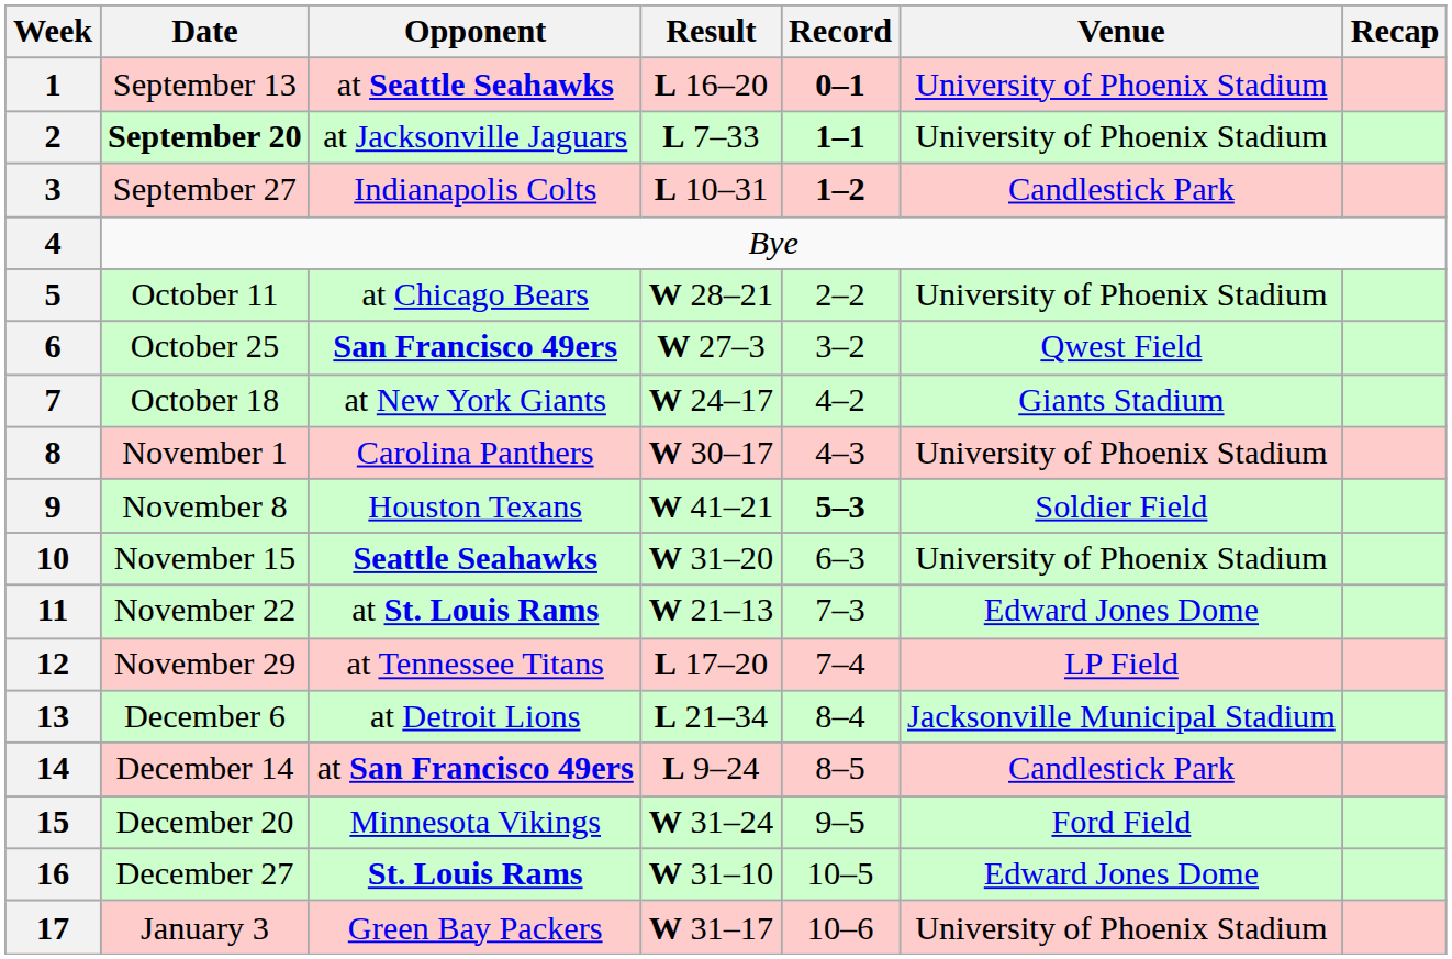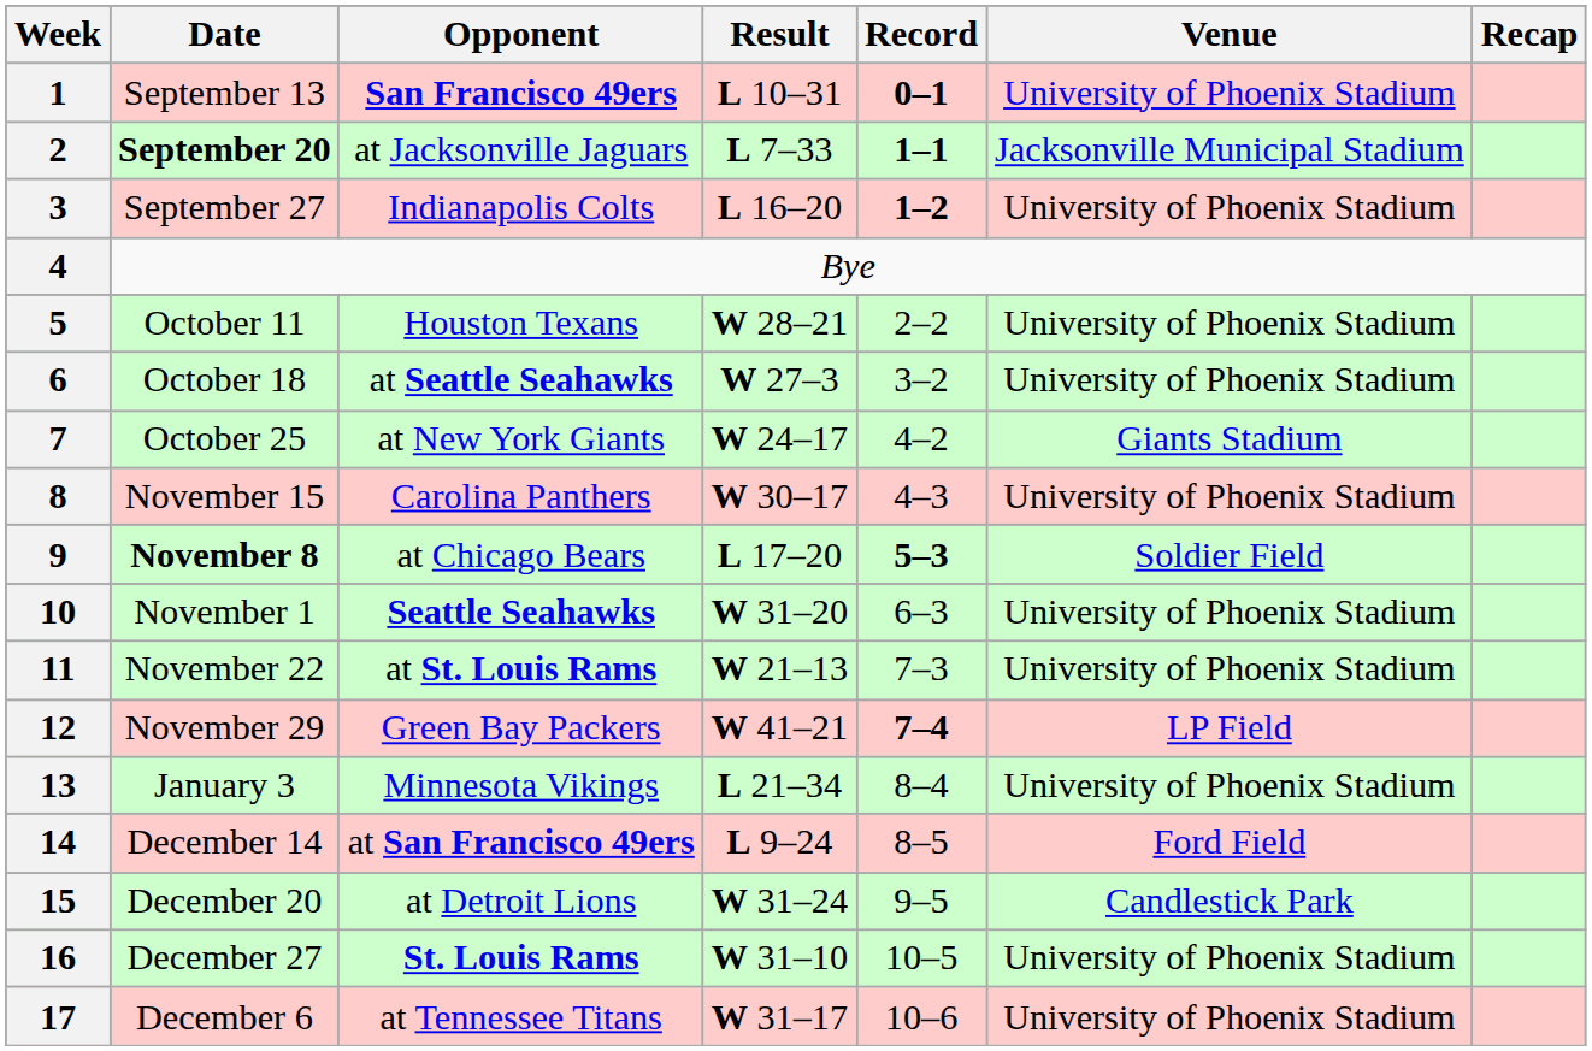 <table class="wikitable" style="text-align:center">
 <tr>
 <th>Week</th>
 <th>Date</th>
 <th>Opponent</th>
 <th>Result</th>
 <th>Record</th>
 <th>Venue</th>
 <th>Recap</th>
 </tr>
 <tr bgcolor="#fcc">
 <th>1</th>
 <td>September 13</td>
-<td>at <strong><a href='#'>Seattle Seahawks</a></strong></td>
-<td><strong>L</strong> 16–20</td>
+<td><strong><a href='#'>San Francisco 49ers</a></strong></td>
+<td><strong>L</strong> 10–31</td>
 <td><strong>0–1</strong></td>
 <td><a href='#'>University of Phoenix Stadium</a></td>
 <td></td>
 </tr>
 <tr bgcolor="#cfc">
 <th>2</th>
 <td><strong>September 20</strong></td>
 <td>at <a href='#'>Jacksonville Jaguars</a></td>
 <td><strong>L</strong> 7–33</td>
 <td><strong>1–1</strong></td>
-<td>University of Phoenix Stadium</td>
+<td><a href='#'>Jacksonville Municipal Stadium</a></td>
 <td></td>
 </tr>
 <tr bgcolor="#fcc">
 <th>3</th>
 <td>September 27</td>
 <td><a href='#'>Indianapolis Colts</a></td>
-<td><strong>L</strong> 10–31</td>
+<td><strong>L</strong> 16–20</td>
 <td><strong>1–2</strong></td>
-<td><a href='#'>Candlestick Park</a></td>
+<td>University of Phoenix Stadium</td>
 <td></td>
 </tr>
 <tr>
 <th>4</th>
 <td colspan="6" style="text-align:center;"><em>Bye</em></td>
 </tr>
 <tr bgcolor="#cfc">
 <th>5</th>
 <td>October 11</td>
-<td>at <a href='#'>Chicago Bears</a></td>
+<td><a href='#'>Houston Texans</a></td>
 <td><strong>W</strong> 28–21</td>
 <td>2–2</td>
 <td>University of Phoenix Stadium</td>
 <td></td>
 </tr>
 <tr bgcolor="#cfc">
 <th>6</th>
-<td>October 25</td>
-<td><strong><a href='#'>San Francisco 49ers</a></strong></td>
+<td>October 18</td>
+<td>at <strong><a href='#'>Seattle Seahawks</a></strong></td>
 <td><strong>W</strong> 27–3</td>
 <td>3–2</td>
-<td><a href='#'>Qwest Field</a></td>
+<td>University of Phoenix Stadium</td>
 <td></td>
 </tr>
 <tr bgcolor="#cfc">
 <th>7</th>
-<td>October 18</td>
+<td>October 25</td>
 <td>at <a href='#'>New York Giants</a></td>
 <td><strong>W</strong> 24–17</td>
 <td>4–2</td>
 <td><a href='#'>Giants Stadium</a></td>
 <td></td>
 </tr>
 <tr bgcolor="#fcc">
 <th>8</th>
-<td>November 1</td>
+<td>November 15</td>
 <td><a href='#'>Carolina Panthers</a></td>
 <td><strong>W</strong> 30–17</td>
 <td>4–3</td>
 <td>University of Phoenix Stadium</td>
 <td></td>
 </tr>
 <tr bgcolor="#cfc">
 <th>9</th>
-<td>November 8</td>
-<td><a href='#'>Houston Texans</a></td>
-<td><strong>W</strong> 41–21</td>
+<td><strong>November 8</strong></td>
+<td>at <a href='#'>Chicago Bears</a></td>
+<td><strong>L</strong> 17–20</td>
 <td><strong>5–3</strong></td>
 <td><a href='#'>Soldier Field</a></td>
 <td></td>
 </tr>
 <tr bgcolor="#cfc">
 <th>10</th>
-<td>November 15</td>
+<td>November 1</td>
 <td><strong><a href='#'>Seattle Seahawks</a></strong></td>
 <td><strong>W</strong> 31–20</td>
 <td>6–3</td>
 <td>University of Phoenix Stadium</td>
 <td></td>
 </tr>
 <tr bgcolor="#cfc">
 <th>11</th>
 <td>November 22</td>
 <td>at <strong><a href='#'>St. Louis Rams</a></strong></td>
 <td><strong>W</strong> 21–13</td>
 <td>7–3</td>
-<td><a href='#'>Edward Jones Dome</a></td>
+<td>University of Phoenix Stadium</td>
 <td></td>
 </tr>
 <tr bgcolor="#fcc">
 <th>12</th>
 <td>November 29</td>
-<td>at <a href='#'>Tennessee Titans</a></td>
-<td><strong>L</strong> 17–20</td>
-<td>7–4</td>
+<td><a href='#'>Green Bay Packers</a></td>
+<td><strong>W</strong> 41–21</td>
+<td><strong>7–4</strong></td>
 <td><a href='#'>LP Field</a></td>
 <td></td>
 </tr>
 <tr bgcolor="#cfc">
 <th>13</th>
-<td>December 6</td>
-<td>at <a href='#'>Detroit Lions</a></td>
+<td>January 3</td>
+<td><a href='#'>Minnesota Vikings</a></td>
 <td><strong>L</strong> 21–34</td>
 <td>8–4</td>
-<td><a href='#'>Jacksonville Municipal Stadium</a></td>
+<td>University of Phoenix Stadium</td>
 <td></td>
 </tr>
 <tr bgcolor="#fcc">
 <th>14</th>
 <td>December 14</td>
 <td>at <strong><a href='#'>San Francisco 49ers</a></strong></td>
 <td><strong>L</strong> 9–24</td>
 <td>8–5</td>
-<td><a href='#'>Candlestick Park</a></td>
+<td><a href='#'>Ford Field</a></td>
 <td></td>
 </tr>
 <tr bgcolor="#cfc">
 <th>15</th>
 <td>December 20</td>
-<td><a href='#'>Minnesota Vikings</a></td>
+<td>at <a href='#'>Detroit Lions</a></td>
 <td><strong>W</strong> 31–24</td>
 <td>9–5</td>
-<td><a href='#'>Ford Field</a></td>
+<td><a href='#'>Candlestick Park</a></td>
 <td></td>
 </tr>
 <tr bgcolor="#cfc">
 <th>16</th>
 <td>December 27</td>
 <td><strong><a href='#'>St. Louis Rams</a></strong></td>
 <td><strong>W</strong> 31–10</td>
 <td>10–5</td>
-<td><a href='#'>Edward Jones Dome</a></td>
+<td>University of Phoenix Stadium</td>
 <td></td>
 </tr>
 <tr bgcolor="#fcc">
 <th>17</th>
-<td>January 3</td>
-<td><a href='#'>Green Bay Packers</a></td>
+<td>December 6</td>
+<td>at <a href='#'>Tennessee Titans</a></td>
 <td><strong>W</strong> 31–17</td>
 <td>10–6</td>
 <td>University of Phoenix Stadium</td>
 <td></td>
 </tr>
 </table>
